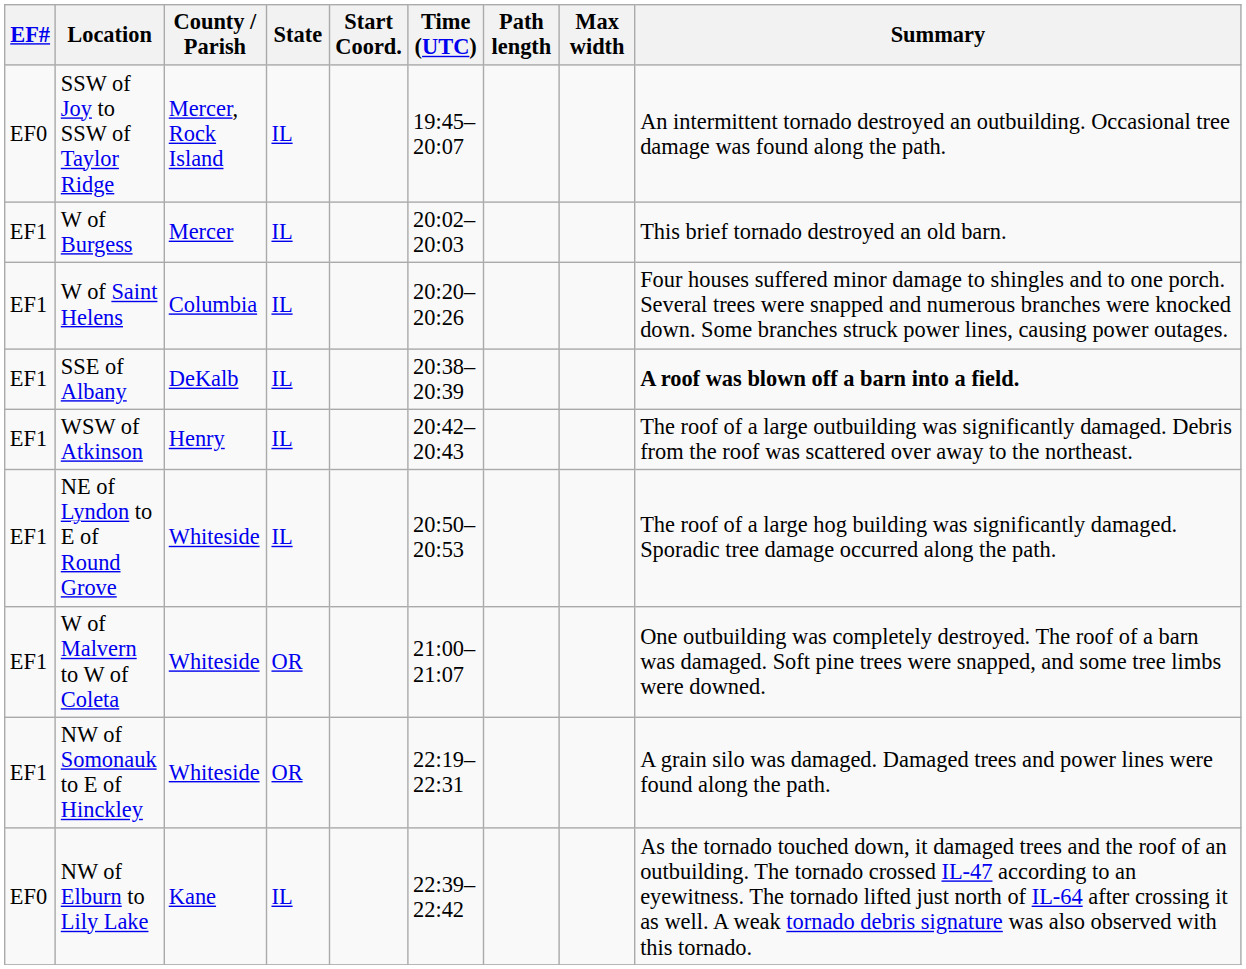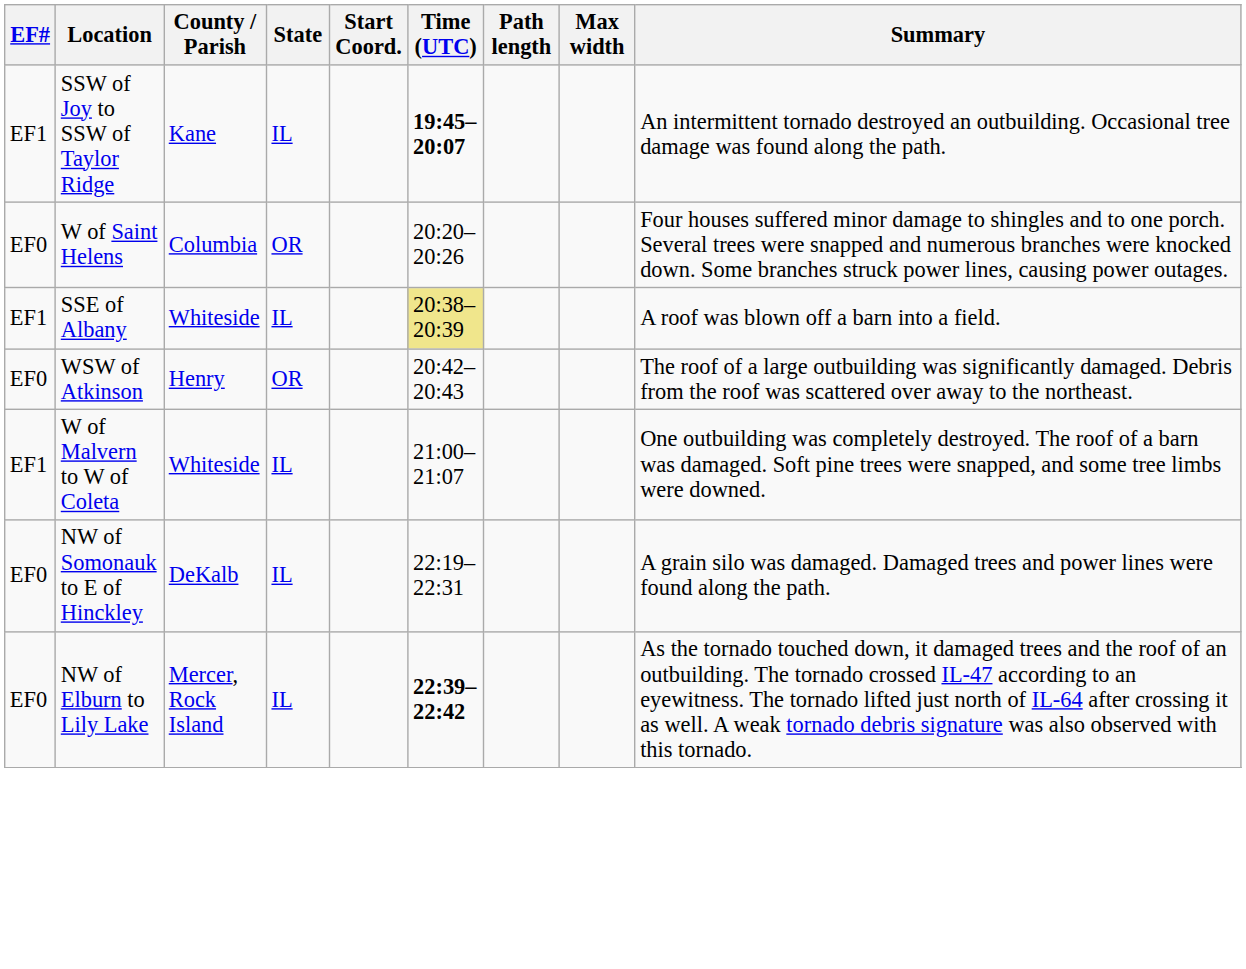 <table class="wikitable sortable" style="width:100%;">
 <tr>
 <th scope="col"  style="width:3%; text-align:center;"><a href='#'>EF#</a></th>
 <th scope="col"  style="width:7%; text-align:center;" class="unsortable">Location</th>
 <th scope="col"  style="width:6%; text-align:center;" class="unsortable">County / Parish</th>
 <th scope="col"  style="width:5%; text-align:center;">State</th>
 <th scope="col"  style="width:6%; text-align:center;">Start Coord.</th>
 <th scope="col"  style="width:6%; text-align:center;">Time (<a href='#'>UTC</a>)</th>
 <th scope="col"  style="width:6%; text-align:center;">Path length</th>
 <th scope="col"  style="width:6%; text-align:center;">Max width</th>
 <th scope="col" class="unsortable" style="width:48%; text-align:center;">Summary</th>
 </tr>
 <tr>
-<td>EF0</td>
+<td>EF1</td>
 <td>SSW of <a href='#'>Joy</a> to SSW of <a href='#'>Taylor Ridge</a></td>
-<td><a href='#'>Mercer</a>, <a href='#'>Rock Island</a></td>
+<td><a href='#'>Kane</a></td>
 <td><a href='#'>IL</a></td>
 <td></td>
-<td>19:45–20:07</td>
+<td><strong>19:45–20:07</strong></td>
 <td></td>
 <td></td>
 <td>An intermittent tornado destroyed an outbuilding. Occasional tree damage was found along the path.</td>
 </tr>
 <tr>
-<td>EF1</td>
-<td>W of <a href='#'>Burgess</a></td>
-<td><a href='#'>Mercer</a></td>
-<td><a href='#'>IL</a></td>
-<td></td>
-<td>20:02–20:03</td>
-<td></td>
-<td></td>
-<td>This brief tornado destroyed an old barn.</td>
-</tr>
-<tr>
-<td>EF1</td>
+<td>EF0</td>
 <td>W of <a href='#'>Saint Helens</a></td>
 <td><a href='#'>Columbia</a></td>
-<td><a href='#'>IL</a></td>
+<td><a href='#'>OR</a></td>
 <td></td>
 <td>20:20–20:26</td>
 <td></td>
 <td></td>
 <td>Four houses suffered minor damage to shingles and to one porch. Several trees were snapped and numerous branches were knocked down. Some branches struck power lines, causing power outages.</td>
 </tr>
 <tr>
 <td>EF1</td>
 <td>SSE of <a href='#'>Albany</a></td>
-<td><a href='#'>DeKalb</a></td>
+<td><a href='#'>Whiteside</a></td>
 <td><a href='#'>IL</a></td>
 <td></td>
-<td>20:38–20:39</td>
+<td style="background: khaki;">20:38–20:39</td>
 <td></td>
 <td></td>
-<td><strong>A roof was blown off a barn into a field.</strong></td>
+<td>A roof was blown off a barn into a field.</td>
 </tr>
 <tr>
-<td>EF1</td>
+<td>EF0</td>
 <td>WSW of <a href='#'>Atkinson</a></td>
 <td><a href='#'>Henry</a></td>
-<td><a href='#'>IL</a></td>
+<td><a href='#'>OR</a></td>
 <td></td>
 <td>20:42–20:43</td>
 <td></td>
 <td></td>
 <td>The roof of a large outbuilding was significantly damaged. Debris from the roof was scattered over  away to the northeast.</td>
 </tr>
 <tr>
 <td>EF1</td>
-<td>NE of <a href='#'>Lyndon</a> to E of <a href='#'>Round Grove</a></td>
+<td>W of <a href='#'>Malvern</a> to W of <a href='#'>Coleta</a></td>
 <td><a href='#'>Whiteside</a></td>
 <td><a href='#'>IL</a></td>
-<td></td>
-<td>20:50–20:53</td>
-<td></td>
-<td></td>
-<td>The roof of a large hog building was significantly damaged. Sporadic tree damage occurred along the path.</td>
-</tr>
-<tr>
-<td>EF1</td>
-<td>W of <a href='#'>Malvern</a> to W of <a href='#'>Coleta</a></td>
-<td><a href='#'>Whiteside</a></td>
-<td><a href='#'>OR</a></td>
 <td></td>
 <td>21:00–21:07</td>
 <td></td>
 <td></td>
 <td>One outbuilding was completely destroyed. The roof of a barn was damaged. Soft pine trees were snapped, and some tree limbs were downed.</td>
 </tr>
 <tr>
-<td>EF1</td>
+<td>EF0</td>
 <td>NW of <a href='#'>Somonauk</a> to E of <a href='#'>Hinckley</a></td>
-<td><a href='#'>Whiteside</a></td>
-<td><a href='#'>OR</a></td>
+<td><a href='#'>DeKalb</a></td>
+<td><a href='#'>IL</a></td>
 <td></td>
 <td>22:19–22:31</td>
 <td></td>
 <td></td>
 <td>A grain silo was damaged. Damaged trees and power lines were found along the path.</td>
 </tr>
 <tr>
 <td>EF0</td>
 <td>NW of <a href='#'>Elburn</a> to <a href='#'>Lily Lake</a></td>
-<td><a href='#'>Kane</a></td>
+<td><a href='#'>Mercer</a>, <a href='#'>Rock Island</a></td>
 <td><a href='#'>IL</a></td>
 <td></td>
-<td>22:39–22:42</td>
+<td><strong>22:39–22:42</strong></td>
 <td></td>
 <td></td>
 <td>As the tornado touched down, it damaged trees and the roof of an outbuilding. The tornado crossed <a href='#'>IL-47</a> according to an eyewitness. The tornado lifted just north of <a href='#'>IL-64</a> after crossing it as well. A weak <a href='#'>tornado debris signature</a> was also observed with this tornado.</td>
 </tr>
 <tr>
 </tr>
 </table>
